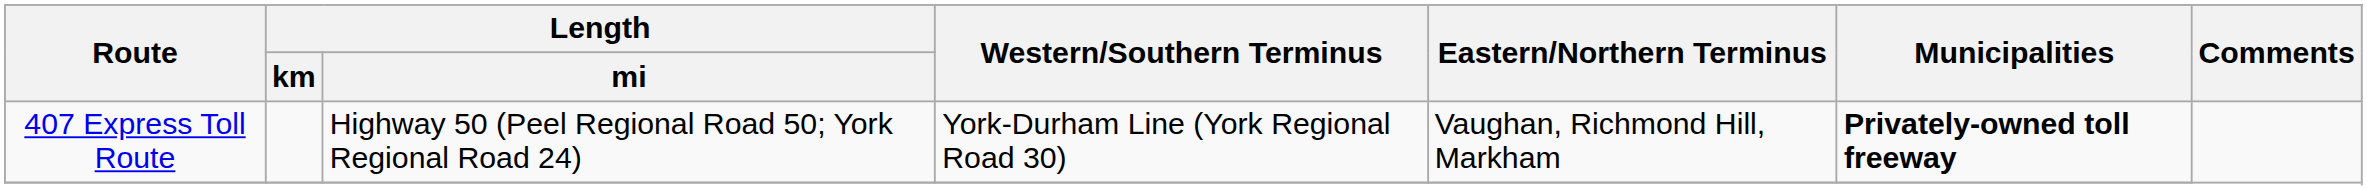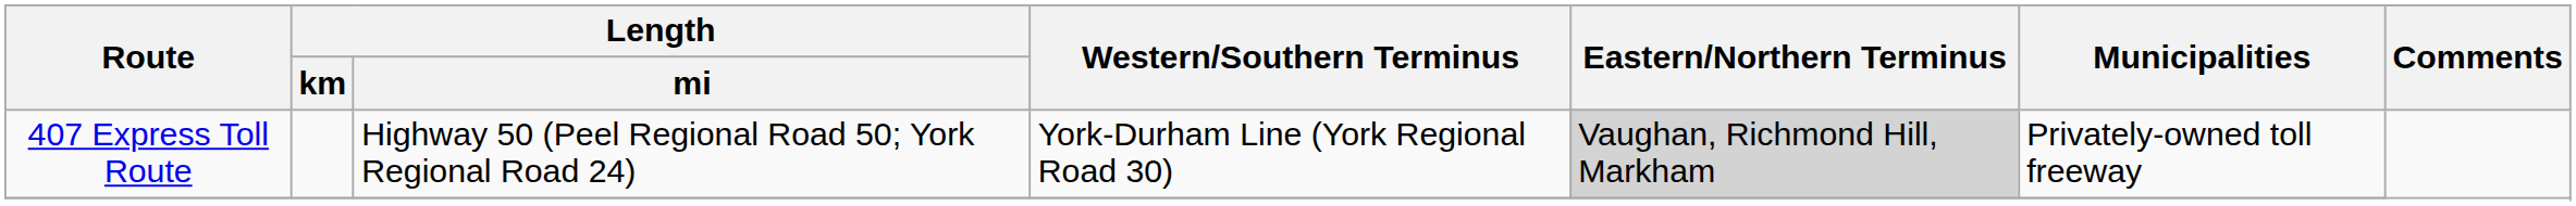 <table class="wikitable sortable">
 <tr>
 <th rowspan=2>Route</th>
 <th colspan=2>Length</th>
 <th rowspan=2 class="unsortable">Western/Southern Terminus</th>
 <th rowspan=2 class="unsortable">Eastern/Northern Terminus</th>
 <th rowspan=2 class="unsortable">Municipalities</th>
 <th rowspan=2 class="unsortable">Comments</th>
 </tr>
 <tr>
 <th>km</th>
 <th>mi</th>
 </tr>
 <tr>
 <td align="center"> <a href='#'>407 Express Toll Route</a></td>
 <td></td>
 <td>Highway 50 (Peel Regional Road 50; York Regional Road 24)</td>
 <td>York-Durham Line (York Regional Road 30)</td>
-<td>Vaughan, Richmond Hill, Markham</td>
-<td><strong>Privately-owned toll freeway</strong></td>
+<td style="background: lightgrey;">Vaughan, Richmond Hill, Markham</td>
+<td>Privately-owned toll freeway</td>
 </tr>
 <tr>
 </tr>
 </table>
